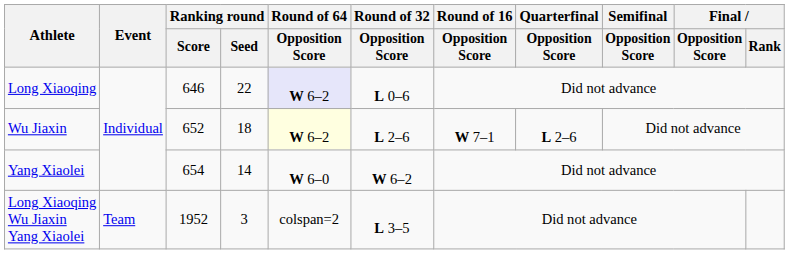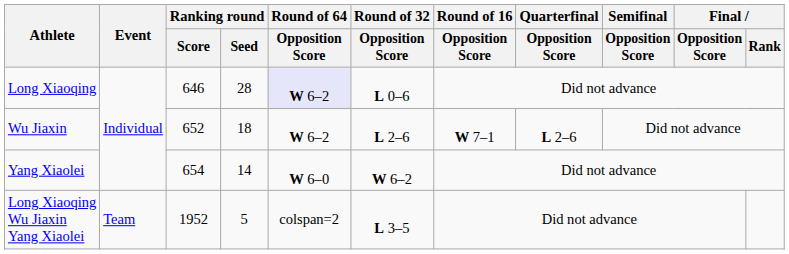 <table class="wikitable" style="font-size:90%">
 <tr>
 <th rowspan=2>Athlete</th>
 <th rowspan=2>Event</th>
 <th colspan="2">Ranking round</th>
 <th>Round of 64</th>
 <th>Round of 32</th>
 <th>Round of 16</th>
 <th>Quarterfinal</th>
 <th>Semifinal</th>
 <th colspan="2">Final / </th>
 </tr>
 <tr style="font-size:95%">
 <th>Score</th>
 <th>Seed</th>
 <th>Opposition<br>Score</th>
 <th>Opposition<br>Score</th>
 <th>Opposition<br>Score</th>
 <th>Opposition<br>Score</th>
 <th>Opposition<br>Score</th>
 <th>Opposition<br>Score</th>
 <th>Rank</th>
 </tr>
 <tr align=center>
 <td align=left><a href='#'>Long Xiaoqing</a></td>
 <td align=left rowspan=3><a href='#'>Individual</a></td>
 <td>646</td>
-<td>22</td>
+<td>28</td>
 <td style="background: lavender;"><br><strong>W</strong> 6–2</td>
 <td><br><strong>L</strong> 0–6</td>
 <td colspan=5>Did not advance</td>
 </tr>
 <tr align=center>
 <td align=left><a href='#'>Wu Jiaxin</a></td>
 <td>652</td>
 <td>18</td>
-<td style="background: lightyellow;"><br><strong>W</strong> 6–2</td>
+<td><br><strong>W</strong> 6–2</td>
 <td><br><strong>L</strong> 2–6</td>
 <td><br> <strong>W</strong> 7–1</td>
 <td><br><strong>L</strong> 2–6</td>
 <td colspan=3>Did not advance</td>
 </tr>
 <tr align=center>
 <td align=left><a href='#'>Yang Xiaolei</a></td>
 <td>654</td>
 <td>14</td>
 <td><br><strong>W</strong> 6–0</td>
 <td><br><strong>W</strong> 6–2</td>
 <td colspan=5>Did not advance</td>
 </tr>
 <tr align=center>
 <td align=left><a href='#'>Long Xiaoqing</a><br><a href='#'>Wu Jiaxin</a><br><a href='#'>Yang Xiaolei</a></td>
 <td align=left><a href='#'>Team</a></td>
 <td>1952</td>
-<td>3</td>
+<td>5</td>
 <td>colspan=2 </td>
 <td><br><strong>L</strong> 3–5</td>
 <td colspan=4>Did not advance</td>
 </tr>
 </table>
